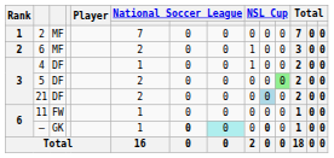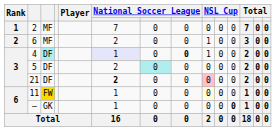 <table class="wikitable sortable" style="text-align:center">
 <tr>
 <th rowspan="2">Rank</th>
 <th rowspan="2"></th>
 <th rowspan="2"></th>
 <th rowspan="2"></th>
 <th rowspan="2">Player</th>
 <th colspan="3"><a href='#'>National Soccer League</a></th>
 <th colspan="3"><a href='#'>NSL Cup</a></th>
 <th colspan="3">Total</th>
 </tr>
 <tr>
 <th></th>
 <th></th>
 <th></th>
 <th></th>
 <th></th>
 <th></th>
 <th></th>
 <th></th>
 <th></th>
 </tr>
 <tr>
 <th>1</th>
 <td>2</td>
 <td>MF</td>
 <td></td>
 <td align="left"><br></td>
 <td>7</td>
 <td>0</td>
 <td>0<br></td>
 <td>0</td>
 <td>0</td>
 <td>0<br></td>
 <th>7</th>
 <th>0</th>
 <th>0</th>
 </tr>
 <tr>
 <th>2</th>
 <td>6</td>
 <td>MF</td>
 <td></td>
 <td align="left"><br></td>
 <td>2</td>
 <td>0</td>
 <td>0<br></td>
 <td>1</td>
 <td>0</td>
 <td>0<br></td>
 <th>3</th>
 <th>0</th>
 <th>0</th>
 </tr>
 <tr>
 <th rowspan="3">3</th>
 <td>4</td>
-<td>DF</td>
+<td style="background: paleturquoise;">DF</td>
 <td></td>
 <td align="left"><br></td>
-<td>1</td>
+<td style="background: lavender;">1</td>
 <td>0</td>
-<td>0<br></td>
+<td><strong>0<br></strong></td>
 <td>1</td>
 <td>0</td>
 <td>0<br></td>
 <th>2</th>
 <th>0</th>
 <th>0</th>
 </tr>
 <tr>
 <td>5</td>
 <td>DF</td>
 <td></td>
 <td align="left"><br></td>
 <td>2</td>
-<td>0</td>
+<td style="background: paleturquoise;">0</td>
 <td>0<br></td>
 <td>0</td>
 <td>0</td>
-<td style="background: lightgreen;">0<br></td>
+<td>0<br></td>
 <th>2</th>
 <th>0</th>
 <th>0</th>
 </tr>
 <tr>
 <td>21</td>
 <td>DF</td>
 <td></td>
 <td align="left"><br></td>
-<td>2</td>
+<td><strong>2</strong></td>
 <td>0</td>
 <td>0<br></td>
+<td style="background: pink;">0</td>
 <td>0</td>
-<td style="background: lightblue;">0</td>
 <td>0<br></td>
 <th>2</th>
 <th>0</th>
 <th>0</th>
 </tr>
 <tr>
 <th rowspan="2">6</th>
 <td>11</td>
-<td>FW</td>
+<td style="background: gold;">FW</td>
 <td></td>
 <td align="left"><br></td>
 <td>1</td>
 <td>0</td>
 <td>0<br></td>
-<td>0</td>
+<td style="background: lightyellow;">0</td>
 <td>0</td>
 <td>0<br></td>
 <th>1</th>
 <th>0</th>
 <th>0</th>
 </tr>
 <tr>
 <td>—</td>
 <td>GK</td>
 <td></td>
 <td align="left"><br></td>
 <td>1</td>
-<td><strong>0</strong></td>
-<td style="background: paleturquoise;">0<br></td>
 <td>0</td>
-<td><strong>0</strong></td>
 <td>0<br></td>
+<td>0</td>
+<td>0</td>
+<td><strong>0<br></strong></td>
 <th>1</th>
 <th>0</th>
 <th>0</th>
 </tr>
 <tr>
 <th colspan="5">Total<br></th>
 <th>16</th>
 <th>0</th>
 <th>0<br></th>
 <th>2</th>
 <th>0</th>
 <th>0<br></th>
 <th>18</th>
 <th>0</th>
 <th>0</th>
 </tr>
 </table>
